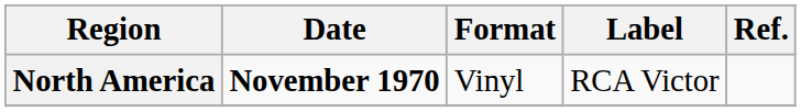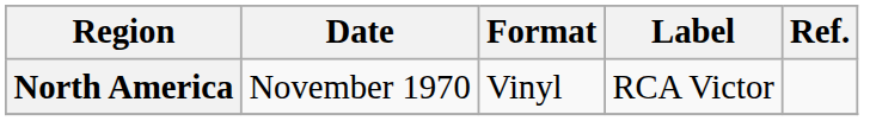 <table class="wikitable plainrowheaders">
 <tr>
 <th scope="col">Region</th>
 <th scope="col">Date</th>
 <th scope="col">Format</th>
 <th scope="col">Label</th>
 <th scope="col">Ref.</th>
 </tr>
 <tr>
 <th scope="row">North America</th>
-<td><strong>November 1970</strong></td>
+<td>November 1970</td>
 <td>Vinyl</td>
 <td>RCA Victor</td>
 <td></td>
 </tr>
 <tr>
 </tr>
 </table>
